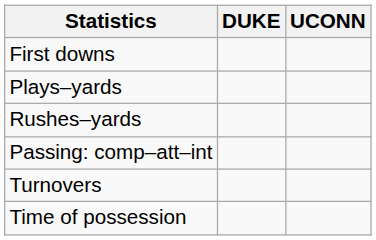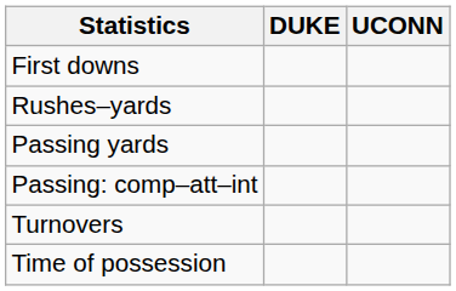 <table class="wikitable" style="float:left">
 <tr>
 <th>Statistics</th>
 <th>DUKE</th>
 <th>UCONN</th>
 </tr>
 <tr>
 <td>First downs</td>
 <td></td>
 <td></td>
 </tr>
 <tr>
-<td>Plays–yards</td>
+<td>Rushes–yards</td>
 <td></td>
 <td></td>
 </tr>
 <tr>
-<td>Rushes–yards</td>
+<td>Passing yards</td>
 <td></td>
 <td></td>
 </tr>
 <tr>
 <td>Passing: comp–att–int</td>
 <td></td>
 <td></td>
 </tr>
 <tr>
 <td>Turnovers</td>
 <td></td>
 <td></td>
 </tr>
 <tr>
 <td>Time of possession</td>
 <td></td>
 <td></td>
 </tr>
 </table>
